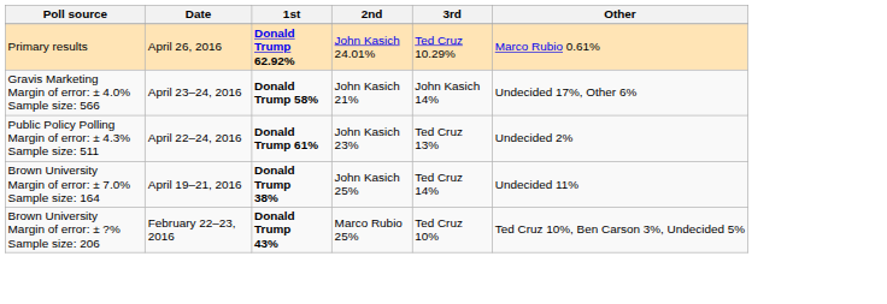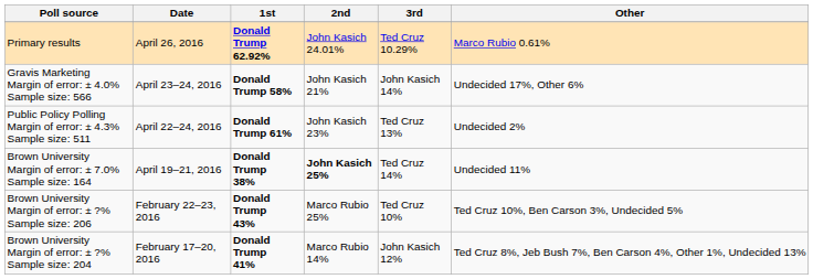 <table class="wikitable">
 <tr>
 <th style="width:180px;">Poll source</th>
 <th style="width:135px;">Date</th>
 <th style="width:100px;">1st</th>
 <th style="width:100px;">2nd</th>
 <th style="width:100px;">3rd</th>
 <th>Other</th>
 </tr>
 <tr>
 </tr>
 <tr style="background:Moccasin;">
 <td>Primary results</td>
 <td>April 26, 2016</td>
 <td><strong><a href='#'>Donald Trump</a><br>62.92%</strong></td>
 <td><a href='#'>John Kasich</a><br>24.01%</td>
 <td><a href='#'>Ted Cruz</a><br>10.29%</td>
 <td><a href='#'>Marco Rubio</a> 0.61%</td>
 </tr>
 <tr>
 <td>Gravis Marketing<br>Margin of error: ± 4.0% <br>Sample size: 566</td>
 <td>April 23–24, 2016</td>
 <td><strong>Donald Trump 58%</strong></td>
 <td>John Kasich<br>21%</td>
 <td>John Kasich<br>14%</td>
 <td>Undecided 17%, Other 6%</td>
 </tr>
 <tr>
 <td>Public Policy Polling<br>Margin of error: ± 4.3% <br>Sample size: 511</td>
 <td>April 22–24, 2016</td>
 <td><strong>Donald Trump 61%</strong></td>
 <td>John Kasich<br>23%</td>
 <td>Ted Cruz<br>13%</td>
 <td>Undecided 2%</td>
 </tr>
 <tr>
 <td>Brown University<br>Margin of error: ± 7.0% <br>Sample size: 164</td>
 <td>April 19–21, 2016</td>
 <td><strong>Donald Trump<br>38%</strong></td>
-<td>John Kasich<br>25%</td>
+<td><strong>John Kasich<br>25%</strong></td>
 <td>Ted Cruz<br>14%</td>
 <td>Undecided 11%</td>
 </tr>
 <tr>
 <td>Brown University<br>Margin of error: ± ?% <br>Sample size: 206</td>
 <td>February 22–23, 2016</td>
 <td><strong>Donald Trump<br>43%</strong></td>
 <td>Marco Rubio<br>25%</td>
 <td>Ted Cruz<br>10%</td>
 <td>Ted Cruz 10%, Ben Carson 3%, Undecided 5%</td>
 </tr>
+<tr>
+<td>Brown University<br>Margin of error: ± ?% <br>Sample size: 204</td>
+<td>February 17–20, 2016</td>
+<td><strong>Donald Trump<br>41%</strong></td>
+<td>Marco Rubio<br>14%</td>
+<td>John Kasich<br>12%</td>
+<td>Ted Cruz 8%, Jeb Bush 7%, Ben Carson 4%, Other 1%, Undecided 13%</td>
+</tr>
 </table>
